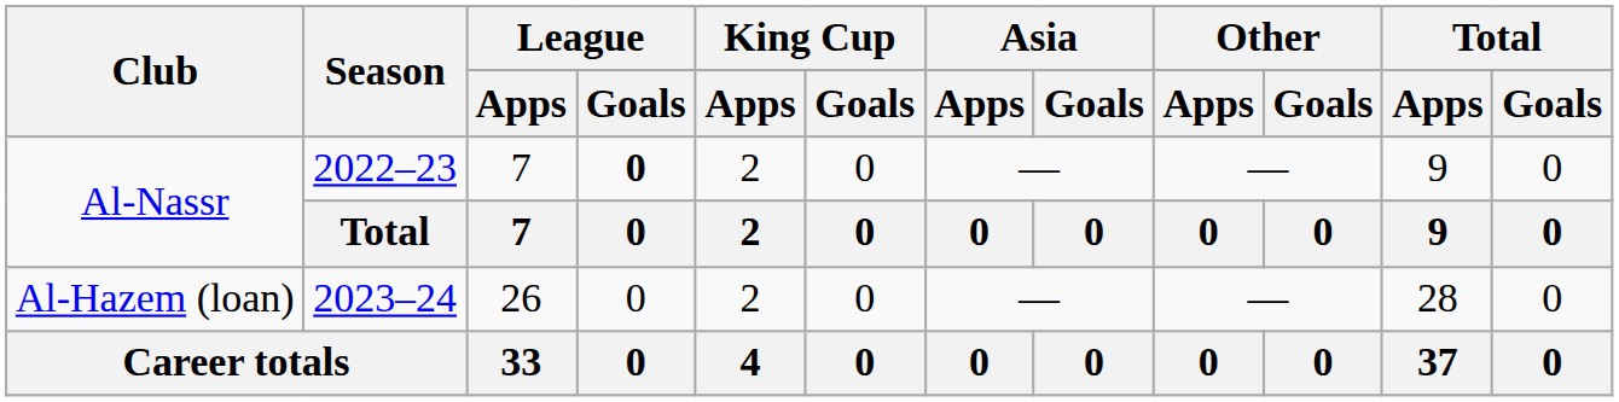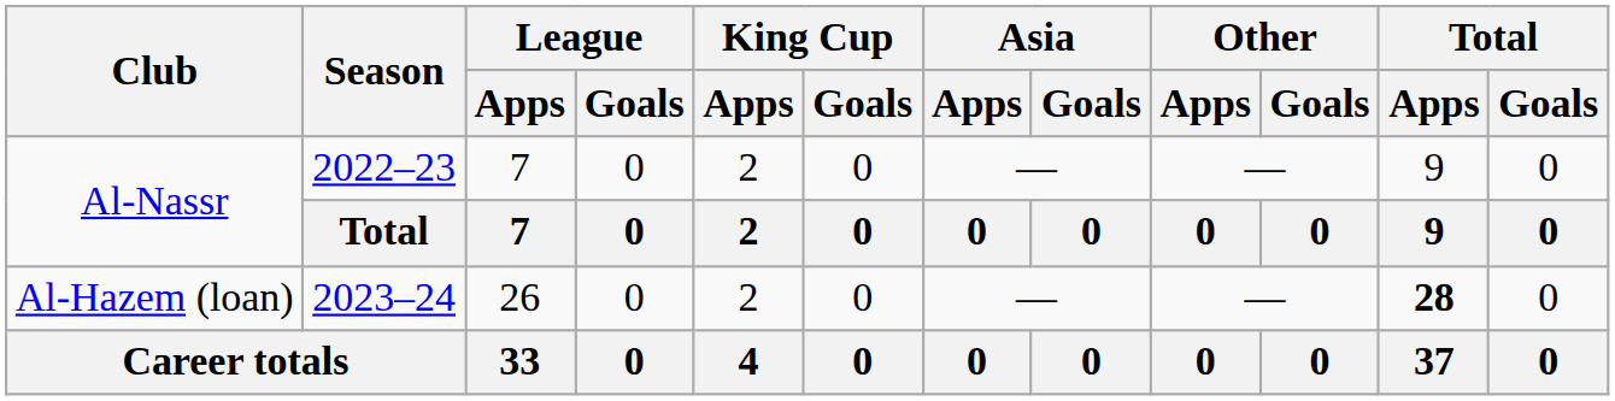 <table class="wikitable" style="text-align: center">
 <tr>
 <th rowspan=2>Club</th>
 <th rowspan=2>Season</th>
 <th colspan=2>League</th>
 <th colspan=2>King Cup</th>
 <th colspan=2>Asia</th>
 <th colspan=2>Other</th>
 <th colspan=2>Total</th>
 </tr>
 <tr>
 <th>Apps</th>
 <th>Goals</th>
 <th>Apps</th>
 <th>Goals</th>
 <th>Apps</th>
 <th>Goals</th>
 <th>Apps</th>
 <th>Goals</th>
 <th>Apps</th>
 <th>Goals</th>
 </tr>
 <tr>
 <td rowspan=2><a href='#'>Al-Nassr</a></td>
 <td><a href='#'>2022–23</a></td>
 <td>7</td>
-<td><strong>0</strong></td>
+<td>0</td>
 <td>2</td>
 <td>0</td>
 <td colspan=2>—</td>
 <td colspan=2>—</td>
 <td>9</td>
 <td>0</td>
 </tr>
 <tr>
 <th>Total</th>
 <th>7</th>
 <th>0</th>
 <th>2</th>
 <th>0</th>
 <th>0</th>
 <th>0</th>
 <th>0</th>
 <th>0</th>
 <th>9</th>
 <th>0</th>
 </tr>
 <tr>
 <td rowspan=1><a href='#'>Al-Hazem</a> (loan)</td>
 <td><a href='#'>2023–24</a></td>
 <td>26</td>
 <td>0</td>
 <td>2</td>
 <td>0</td>
 <td colspan=2>—</td>
 <td colspan=2>—</td>
-<td>28</td>
+<td><strong>28</strong></td>
 <td>0</td>
 </tr>
 <tr>
 <th colspan=2>Career totals</th>
 <th>33</th>
 <th>0</th>
 <th>4</th>
 <th>0</th>
 <th>0</th>
 <th>0</th>
 <th>0</th>
 <th>0</th>
 <th>37</th>
 <th>0</th>
 </tr>
 </table>
